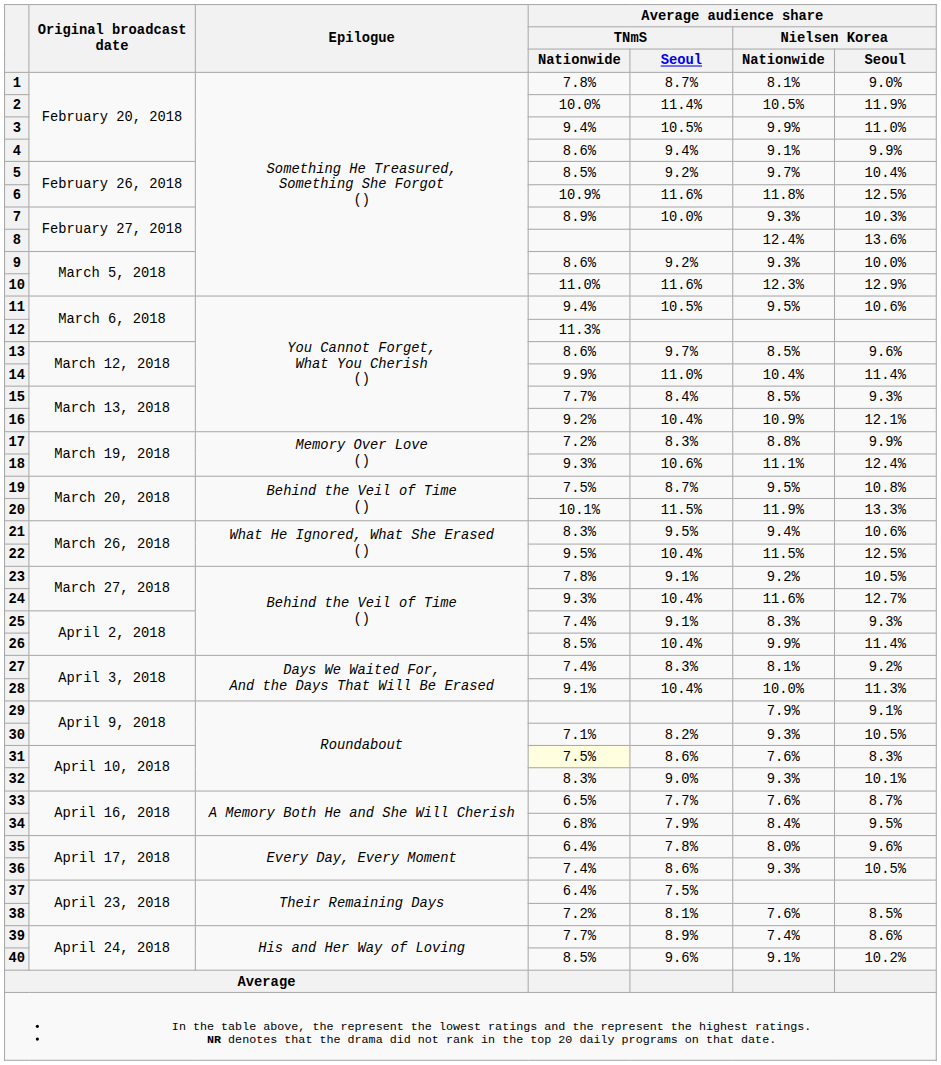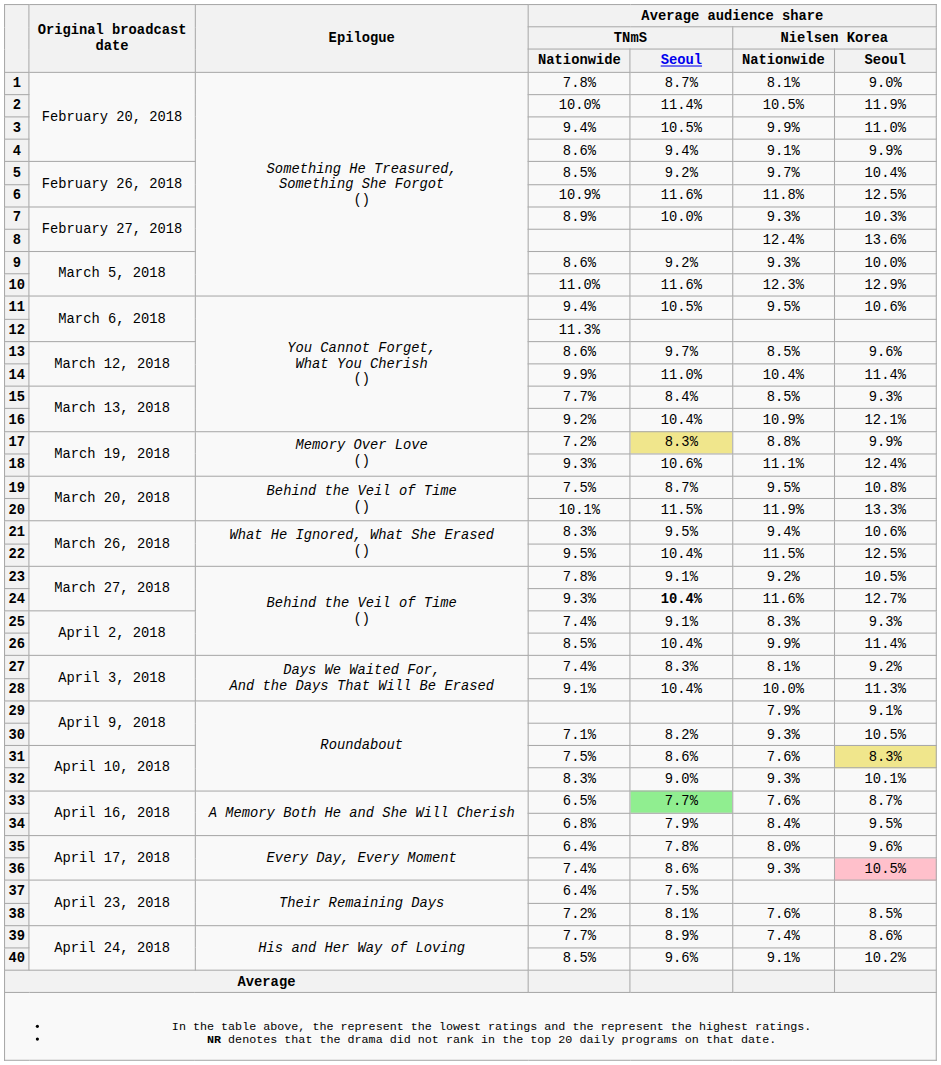 <table class="wikitable" style="text-align:center; width:880px">
 <tr>
 <th rowspan="3"></th>
 <th rowspan="3">Original broadcast<br>date</th>
 <th rowspan="3">Epilogue</th>
 <th colspan="4">Average audience share</th>
 </tr>
 <tr>
 <th colspan="2">TNmS</th>
 <th colspan="2">Nielsen Korea</th>
 </tr>
 <tr>
 <th width="90">Nationwide</th>
 <th width="90"><a href='#'>Seoul</a></th>
 <th width="90">Nationwide</th>
 <th width="90">Seoul</th>
 </tr>
 <tr>
 <th>1</th>
 <td rowspan="4">February 20, 2018</td>
 <td rowspan="10"><em>Something He Treasured,<br>Something She Forgot</em><br>()</td>
 <td>7.8% </td>
 <td>8.7%</td>
 <td>8.1% </td>
 <td>9.0% </td>
 </tr>
 <tr>
 <th>2</th>
 <td>10.0% </td>
 <td>11.4%</td>
 <td>10.5% </td>
 <td>11.9% </td>
 </tr>
 <tr>
 <th>3</th>
 <td>9.4% </td>
 <td>10.5%</td>
 <td>9.9% </td>
 <td>11.0% </td>
 </tr>
 <tr>
 <th>4</th>
 <td>8.6% </td>
 <td>9.4%</td>
 <td>9.1% </td>
 <td>9.9% </td>
 </tr>
 <tr>
 <th>5</th>
 <td rowspan="2">February 26, 2018</td>
 <td>8.5% </td>
 <td>9.2%</td>
 <td>9.7% </td>
 <td>10.4% </td>
 </tr>
 <tr>
 <th>6</th>
 <td>10.9% </td>
 <td>11.6%</td>
 <td>11.8% </td>
 <td>12.5% </td>
 </tr>
 <tr>
 <th>7</th>
 <td rowspan="2">February 27, 2018</td>
 <td>8.9% </td>
 <td>10.0%</td>
 <td>9.3% </td>
 <td>10.3% </td>
 </tr>
 <tr>
 <th>8</th>
 <td> </td>
 <td></td>
 <td>12.4% </td>
 <td>13.6% </td>
 </tr>
 <tr>
 <th>9</th>
 <td rowspan="2">March 5, 2018</td>
 <td>8.6% </td>
 <td>9.2%</td>
 <td>9.3% </td>
 <td>10.0% </td>
 </tr>
 <tr>
 <th>10</th>
 <td>11.0% </td>
 <td>11.6%</td>
 <td>12.3% </td>
 <td>12.9% </td>
 </tr>
 <tr>
 <th>11</th>
 <td rowspan="2">March 6, 2018</td>
 <td rowspan="6"><em>You Cannot Forget,<br>What You Cherish</em><br>()</td>
 <td>9.4% </td>
 <td>10.5%</td>
 <td>9.5% </td>
 <td>10.6% </td>
 </tr>
 <tr>
 <th>12</th>
 <td>11.3% </td>
 <td></td>
 <td> </td>
 <td> </td>
 </tr>
 <tr>
 <th>13</th>
 <td rowspan="2">March 12, 2018</td>
 <td>8.6% </td>
 <td>9.7%</td>
 <td>8.5% </td>
 <td>9.6% </td>
 </tr>
 <tr>
 <th>14</th>
 <td>9.9% </td>
 <td>11.0%</td>
 <td>10.4% </td>
 <td>11.4% </td>
 </tr>
 <tr>
 <th>15</th>
 <td rowspan="2">March 13, 2018</td>
 <td>7.7% </td>
 <td>8.4%</td>
 <td>8.5% </td>
 <td>9.3% </td>
 </tr>
 <tr>
 <th>16</th>
 <td>9.2% </td>
 <td>10.4%</td>
 <td>10.9% </td>
 <td>12.1% </td>
 </tr>
 <tr>
 <th>17</th>
 <td rowspan="2">March 19, 2018</td>
 <td rowspan="2"><em>Memory Over Love</em><br>()</td>
 <td>7.2% </td>
-<td>8.3%</td>
+<td style="background: khaki;">8.3%</td>
 <td>8.8% </td>
 <td>9.9% </td>
 </tr>
 <tr>
 <th>18</th>
 <td>9.3% </td>
 <td>10.6%</td>
 <td>11.1% </td>
 <td>12.4% </td>
 </tr>
 <tr>
 <th>19</th>
 <td rowspan="2">March 20, 2018</td>
 <td rowspan="2"><em>Behind the Veil of Time</em><br>()</td>
 <td>7.5% </td>
 <td>8.7%</td>
 <td>9.5% </td>
 <td>10.8% </td>
 </tr>
 <tr>
 <th>20</th>
 <td>10.1% </td>
 <td>11.5%</td>
 <td>11.9% </td>
 <td>13.3% </td>
 </tr>
 <tr>
 <th>21</th>
 <td rowspan="2">March 26, 2018</td>
 <td rowspan="2"><em>What He Ignored, What She Erased</em><br>()</td>
 <td>8.3% </td>
 <td>9.5%</td>
 <td>9.4% </td>
 <td>10.6% </td>
 </tr>
 <tr>
 <th>22</th>
 <td>9.5% </td>
 <td>10.4%</td>
 <td>11.5% </td>
 <td>12.5% </td>
 </tr>
 <tr>
 <th>23</th>
 <td rowspan="2">March 27, 2018</td>
 <td rowspan="4"><em>Behind the Veil of Time</em><br>()</td>
 <td>7.8% </td>
 <td>9.1%</td>
 <td>9.2% </td>
 <td>10.5% </td>
 </tr>
 <tr>
 <th>24</th>
 <td>9.3% </td>
-<td>10.4%</td>
+<td><strong>10.4%</strong></td>
 <td>11.6% </td>
 <td>12.7% </td>
 </tr>
 <tr>
 <th>25</th>
 <td rowspan="2">April 2, 2018</td>
 <td>7.4% </td>
 <td>9.1%</td>
 <td>8.3% </td>
 <td>9.3% </td>
 </tr>
 <tr>
 <th>26</th>
 <td>8.5% </td>
 <td>10.4%</td>
 <td>9.9% </td>
 <td>11.4% </td>
 </tr>
 <tr>
 <th>27</th>
 <td rowspan="2">April 3, 2018</td>
 <td rowspan="2"><em>Days We Waited For,<br>And the Days That Will Be Erased</em><br></td>
 <td>7.4% </td>
 <td>8.3%</td>
 <td>8.1% </td>
 <td>9.2% </td>
 </tr>
 <tr>
 <th>28</th>
 <td>9.1% </td>
 <td>10.4%</td>
 <td>10.0% </td>
 <td>11.3% </td>
 </tr>
 <tr>
 <th>29</th>
 <td rowspan="2">April 9, 2018</td>
 <td rowspan="4"><em>Roundabout</em><br></td>
 <td> </td>
 <td></td>
 <td>7.9% </td>
 <td>9.1% </td>
 </tr>
 <tr>
 <th>30</th>
 <td>7.1% </td>
 <td>8.2%</td>
 <td>9.3% </td>
 <td>10.5% </td>
 </tr>
 <tr>
 <th>31</th>
 <td rowspan="2">April 10, 2018</td>
-<td style="background: lightyellow;">7.5% </td>
+<td>7.5% </td>
 <td>8.6%</td>
 <td>7.6% </td>
-<td>8.3% </td>
+<td style="background: khaki;">8.3% </td>
 </tr>
 <tr>
 <th>32</th>
 <td>8.3% </td>
 <td>9.0%</td>
 <td>9.3% </td>
 <td>10.1% </td>
 </tr>
 <tr>
 <th>33</th>
 <td rowspan="2">April 16, 2018</td>
 <td rowspan="2"><em>A Memory Both He and She Will Cherish</em><br></td>
 <td>6.5% </td>
-<td>7.7%</td>
+<td style="background: lightgreen;">7.7%</td>
 <td>7.6% </td>
 <td>8.7% </td>
 </tr>
 <tr>
 <th>34</th>
 <td>6.8% </td>
 <td>7.9%</td>
 <td>8.4% </td>
 <td>9.5% </td>
 </tr>
 <tr>
 <th>35</th>
 <td rowspan="2">April 17, 2018</td>
 <td rowspan="2"><em>Every Day, Every Moment</em><br></td>
 <td>6.4% </td>
 <td>7.8%</td>
 <td>8.0% </td>
 <td>9.6% </td>
 </tr>
 <tr>
 <th>36</th>
 <td>7.4% </td>
 <td>8.6%</td>
 <td>9.3% </td>
-<td>10.5% </td>
+<td style="background: pink;">10.5% </td>
 </tr>
 <tr>
 <th>37</th>
 <td rowspan="2">April 23, 2018</td>
 <td rowspan="2"><em>Their Remaining Days</em><br></td>
 <td>6.4% </td>
 <td>7.5%</td>
 <td> </td>
 <td> </td>
 </tr>
 <tr>
 <th>38</th>
 <td>7.2% </td>
 <td>8.1%</td>
 <td>7.6% </td>
 <td>8.5% </td>
 </tr>
 <tr>
 <th>39</th>
 <td rowspan="2">April 24, 2018</td>
 <td rowspan="2"><em>His and Her Way of Loving</em><br></td>
 <td>7.7% </td>
 <td>8.9%</td>
 <td>7.4% </td>
 <td>8.6% </td>
 </tr>
 <tr>
 <th>40</th>
 <td>8.5% </td>
 <td>9.6%</td>
 <td>9.1% </td>
 <td>10.2% </td>
 </tr>
 <tr>
 <th colspan="3">Average</th>
 <th></th>
 <th></th>
 <th></th>
 <th></th>
 </tr>
 <tr>
 <td colspan="7" style="font-size:85%"><br><ul><li>In the table above, the <strong></strong> represent the lowest ratings and the <strong></strong> represent the highest ratings.</li><li><strong>NR</strong> denotes that the drama did not rank in the top 20 daily programs on that date.</li></ul></td>
 </tr>
 </table>
